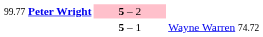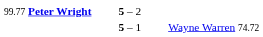 <table style="text-align:center">
 <tr>
 <th width=223></th>
 <th width=100></th>
 <th width=223></th>
 </tr>
 <tr>
 <td align=right><small>99.77</small> <strong><a href='#'>Peter Wright</a></strong> </td>
-<td style="background: pink;"><strong>5</strong> – 2</td>
+<td><strong>5</strong> – 2</td>
 <td align=left></td>
 </tr>
 <tr>
 <td align=right></td>
 <td><strong>5</strong> – 1</td>
 <td align=left> <a href='#'>Wayne Warren</a>  <small>74.72</small></td>
 </tr>
 </table>
